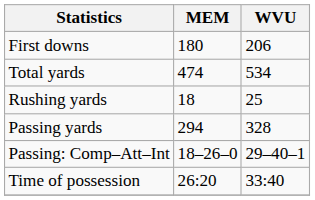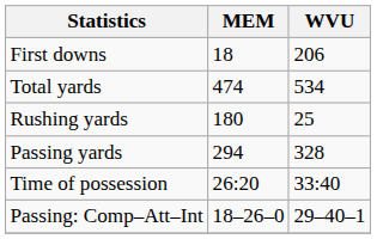 <table class="wikitable" style="float: left;">
 <tr>
 <th>Statistics</th>
 <th>MEM</th>
 <th>WVU</th>
 </tr>
 <tr>
 <td>First downs</td>
-<td>180</td>
+<td>18</td>
 <td>206</td>
 </tr>
 <tr>
 <td>Total yards</td>
 <td>474</td>
 <td>534</td>
 </tr>
 <tr>
 <td>Rushing yards</td>
-<td>18</td>
+<td>180</td>
 <td>25</td>
 </tr>
 <tr>
 <td>Passing yards</td>
 <td>294</td>
 <td>328</td>
 </tr>
 <tr>
+<td>Time of possession</td>
+<td>26:20</td>
+<td>33:40</td>
+</tr>
+<tr>
 <td>Passing: Comp–Att–Int</td>
 <td>18–26–0</td>
 <td>29–40–1</td>
 </tr>
 <tr>
-<td>Time of possession</td>
-<td>26:20</td>
-<td>33:40</td>
-</tr>
-<tr>
 </tr>
 </table>
